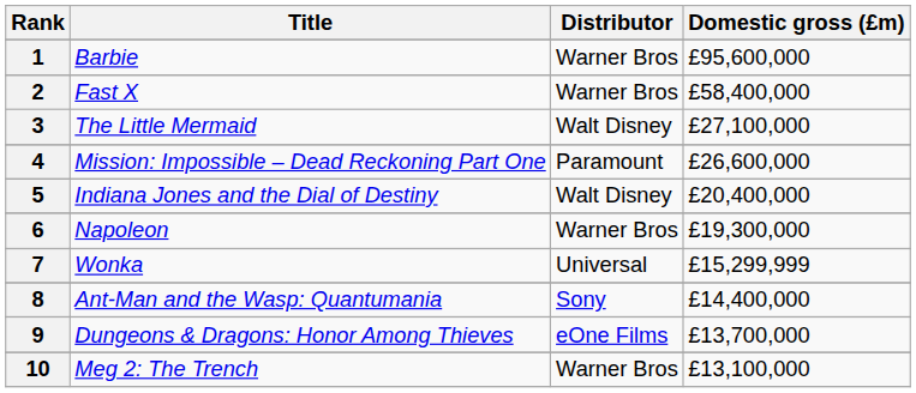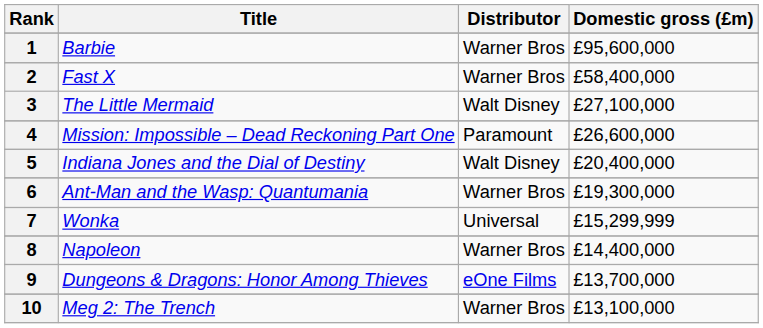 <table class="wikitable" style="margin:auto; margin:auto;">
 <tr>
 <th>Rank</th>
 <th>Title</th>
 <th>Distributor</th>
 <th>Domestic gross (£m)</th>
 </tr>
 <tr>
 </tr>
 <tr style="text-align:left; |">
 <th style="text-align:center;">1</th>
 <td><em><a href='#'>Barbie</a></em></td>
 <td>Warner Bros</td>
 <td>£95,600,000</td>
 </tr>
 <tr>
 </tr>
 <tr style="text-align:left; |">
 <th style="text-align:center;">2</th>
 <td><em><a href='#'>Fast X</a></em></td>
 <td>Warner Bros</td>
 <td>£58,400,000</td>
 </tr>
 <tr style="text-align:left;|">
 <th style="text-align:center;">3</th>
 <td><em><a href='#'>The Little Mermaid</a></em></td>
 <td>Walt Disney</td>
 <td>£27,100,000</td>
 </tr>
 <tr>
 </tr>
 <tr style="text-align:left; |">
 <th style="text-align:center;">4</th>
 <td><em><a href='#'>Mission: Impossible – Dead Reckoning Part One</a></em></td>
 <td>Paramount</td>
 <td>£26,600,000</td>
 </tr>
 <tr>
 </tr>
 <tr style="text-align:left; |">
 <th style="text-align:center;">5</th>
 <td><em><a href='#'>Indiana Jones and the Dial of Destiny</a></em></td>
 <td>Walt Disney</td>
 <td>£20,400,000</td>
 </tr>
 <tr>
 </tr>
 <tr style="text-align:left; |">
 <th style="text-align:center;">6</th>
-<td><em><a href='#'>Napoleon</a></em></td>
+<td><em><a href='#'>Ant-Man and the Wasp: Quantumania</a></em></td>
 <td>Warner Bros</td>
 <td>£19,300,000</td>
 </tr>
 <tr>
 </tr>
 <tr style="text-align:left;  |">
 <th style="text-align:center;">7</th>
 <td><em><a href='#'>Wonka</a></em></td>
 <td>Universal</td>
 <td>£15,299,999</td>
 </tr>
 <tr>
 </tr>
 <tr style="text-align:left; |">
 <th style="text-align:center;">8</th>
-<td><em><a href='#'>Ant-Man and the Wasp: Quantumania</a></em></td>
-<td><a href='#'>Sony</a></td>
+<td><em><a href='#'>Napoleon</a></em></td>
+<td>Warner Bros</td>
 <td>£14,400,000</td>
 </tr>
 <tr>
 </tr>
 <tr style="text-align:left; |">
 <th style="text-align:center;">9</th>
 <td><em><a href='#'>Dungeons & Dragons: Honor Among Thieves</a></em></td>
 <td><a href='#'>eOne Films</a></td>
 <td>£13,700,000</td>
 </tr>
 <tr>
 </tr>
 <tr style="text-align:left; |">
 <th style="text-align:center;">10</th>
 <td><em><a href='#'>Meg 2: The Trench</a></em></td>
 <td>Warner Bros</td>
 <td>£13,100,000</td>
 </tr>
 <tr>
 </tr>
 </table>
